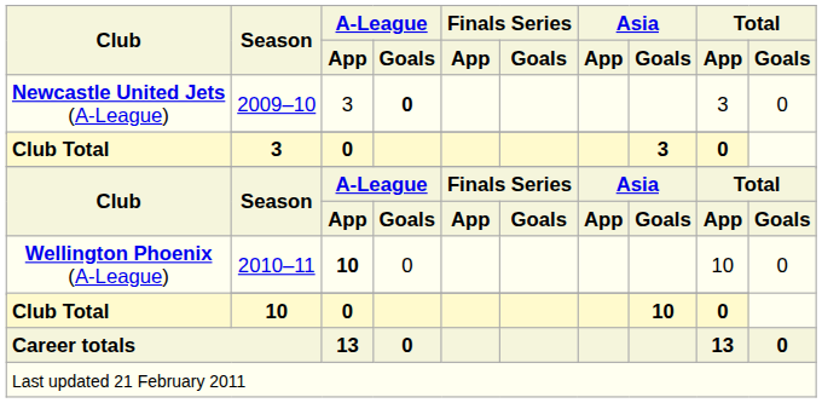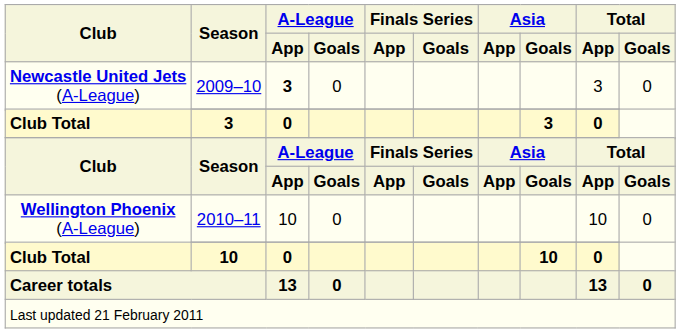 <table border=1 align=center cellpadding=4 cellspacing=2 style="background: ivory; font-size: 95%; border: 1px #aaaaaa solid; border-collapse: collapse; clear:center">
 <tr style="background:beige">
 <th rowspan="2">Club</th>
 <th rowspan="2">Season</th>
 <th colspan="2"><a href='#'>A-League</a></th>
 <th colspan="2">Finals Series</th>
 <th colspan="2"><a href='#'>Asia</a></th>
 <th colspan="2">Total</th>
 </tr>
 <tr style="background:beige">
 <th>App</th>
 <th>Goals</th>
 <th>App</th>
 <th>Goals</th>
 <th>App</th>
 <th>Goals</th>
 <th>App</th>
 <th>Goals</th>
 </tr>
 <tr>
 <td rowspan="2" align=center valign=center><strong><a href='#'>Newcastle United Jets</a></strong><br>(<a href='#'>A-League</a>)</td>
 <td align="center"><a href='#'>2009–10</a></td>
-<td align="center">3</td>
-<td align="center"><strong>0</strong></td>
+<td align="center"><strong>3</strong></td>
+<td align="center">0</td>
 <td align="center"></td>
 <td align="center"></td>
 <td align="center"></td>
 <td align="center"></td>
 <td align="center">3</td>
 <td align="center">0</td>
 </tr>
 <tr>
 </tr>
 <tr style="background:lemonchiffon">
 <th colspan="1" align="left">Club Total</th>
 <th>3</th>
 <th>0</th>
 <th></th>
 <th></th>
 <th></th>
 <th></th>
 <th>3</th>
 <th>0</th>
 </tr>
 <tr>
 </tr>
 <tr style="background:beige">
 <th rowspan="2">Club</th>
 <th rowspan="2">Season</th>
 <th colspan="2"><a href='#'>A-League</a></th>
 <th colspan="2">Finals Series</th>
 <th colspan="2"><a href='#'>Asia</a></th>
 <th colspan="2">Total</th>
 </tr>
 <tr style="background:beige">
 <th>App</th>
 <th>Goals</th>
 <th>App</th>
 <th>Goals</th>
 <th>App</th>
 <th>Goals</th>
 <th>App</th>
 <th>Goals</th>
 </tr>
 <tr>
 <td rowspan="2" align=center valign=center><strong><a href='#'>Wellington Phoenix</a></strong><br>(<a href='#'>A-League</a>)</td>
 <td align="center"><a href='#'>2010–11</a></td>
-<td align="center"><strong>10</strong></td>
+<td align="center">10</td>
 <td align="center">0</td>
 <td align="center"></td>
 <td align="center"></td>
 <td align="center"></td>
 <td align="center"></td>
 <td align="center">10</td>
 <td align="center">0</td>
 </tr>
 <tr>
 </tr>
 <tr style="background:lemonchiffon">
 <th colspan="1" align="left">Club Total</th>
 <th>10</th>
 <th>0</th>
 <th></th>
 <th></th>
 <th></th>
 <th></th>
 <th>10</th>
 <th>0</th>
 </tr>
 <tr>
 <th style="background:beige" colspan="2" align="left">Career totals</th>
 <th align=center style="background:beige">13</th>
 <th align=center style="background:beige">0</th>
 <th align=center style="background:beige"></th>
 <th align=center style="background:beige"></th>
 <th align=center style="background:beige"></th>
 <th align=center style="background:beige"></th>
 <th align=center style="background:beige">13</th>
 <th align=center style="background:beige">0</th>
 </tr>
 <tr>
 <td colspan="12"><small>Last updated 21 February 2011</small></td>
 </tr>
 </table>
